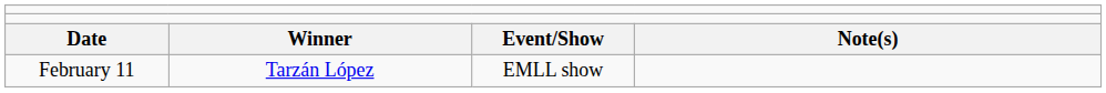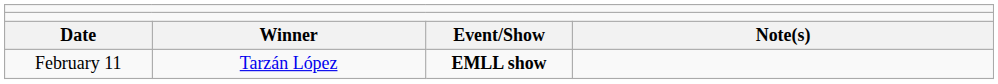 <table class="wikitable" style="text-align:center; width:100%;">
 <tr>
 <td colspan=5></td>
 </tr>
 <tr>
 <td colspan=5><strong></strong></td>
 </tr>
 <tr>
 <th width=14%>Date</th>
 <th width=26%>Winner</th>
 <th width=14%>Event/Show</th>
 <th width=40%>Note(s)</th>
 </tr>
 <tr>
 <td>February 11</td>
 <td><a href='#'>Tarzán López</a></td>
-<td>EMLL show</td>
+<td><strong>EMLL show</strong></td>
 <td align=left></td>
 </tr>
 </table>
